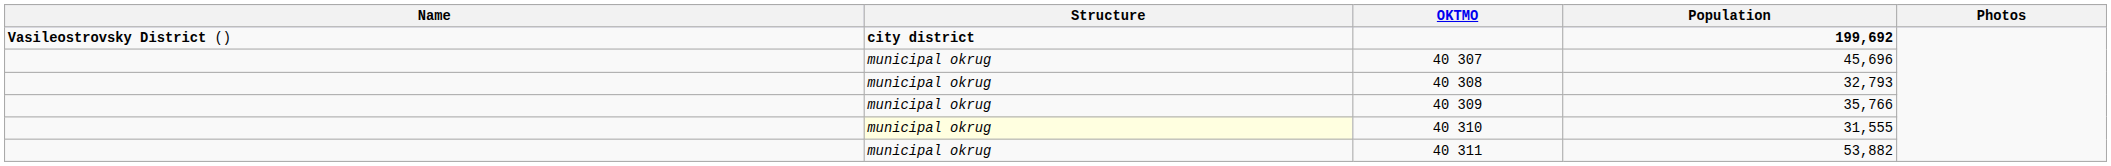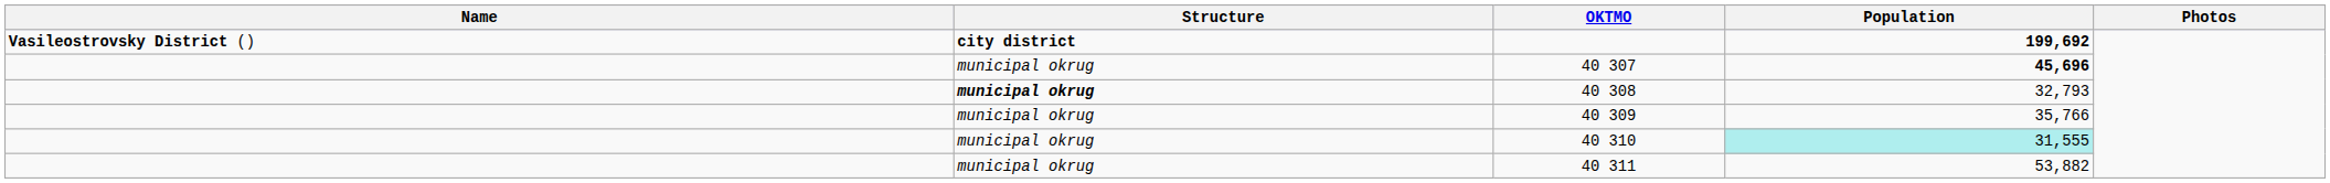 <table width=100% class="wikitable">
 <tr bgcolor="#CCCCFF" align="left">
 <th>Name</th>
 <th>Structure</th>
 <th><a href='#'>OKTMO</a></th>
 <th>Population</th>
 <th>Photos</th>
 </tr>
 <tr valign="top">
 <td><strong>Vasileostrovsky District</strong> ()</td>
 <td align="left"><strong>city district</strong></td>
 <td></td>
 <td align="right"><strong>199,692</strong></td>
 <td rowspan="8"></td>
 </tr>
 <tr>
 <td><br></td>
 <td align="left"><em>municipal okrug</em></td>
 <td align="center">40 307</td>
-<td align="right">45,696</td>
+<td align="right"><strong>45,696</strong></td>
 </tr>
 <tr>
 <td><br></td>
-<td align="left"><em>municipal okrug</em></td>
+<td align="left"><strong><em>municipal okrug</em></strong></td>
 <td align="center">40 308</td>
 <td align="right">32,793</td>
 </tr>
 <tr>
 <td><br></td>
 <td align="left"><em>municipal okrug</em></td>
 <td align="center">40 309</td>
 <td align="right">35,766</td>
 </tr>
 <tr>
 <td><br></td>
-<td align="left" style="background: lightyellow;"><em>municipal okrug</em></td>
+<td align="left"><em>municipal okrug</em></td>
 <td align="center">40 310</td>
-<td align="right">31,555</td>
+<td align="right" style="background: paleturquoise;">31,555</td>
 </tr>
 <tr>
 <td><br></td>
 <td align="left"><em>municipal okrug</em></td>
 <td align="center">40 311</td>
 <td align="right">53,882</td>
 </tr>
 </table>
